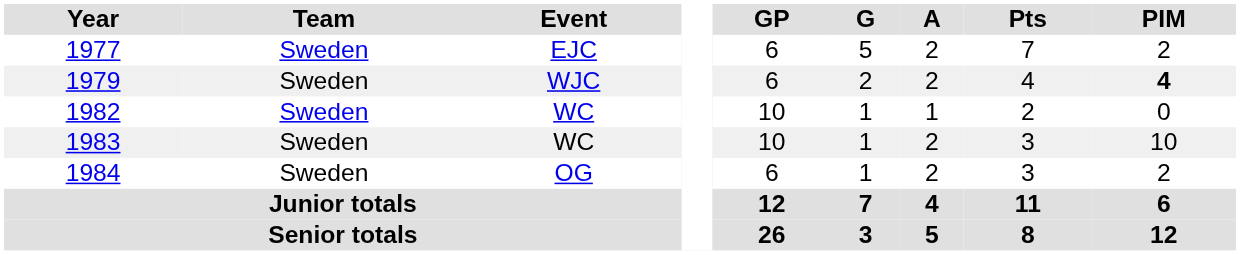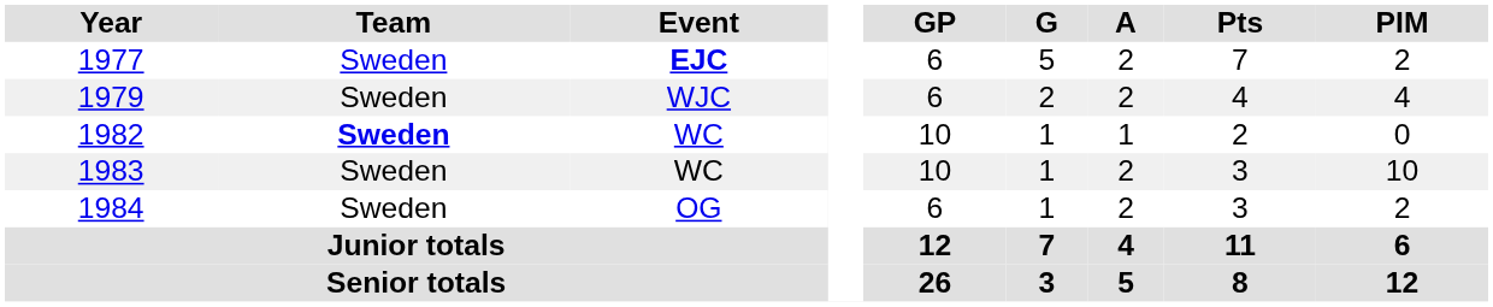 <table border="0" cellpadding="1" cellspacing="0" style="text-align:center; width:50em">
 <tr ALIGN="center" bgcolor="#e0e0e0">
 <th>Year</th>
 <th>Team</th>
 <th>Event</th>
 <th rowspan="99" bgcolor="#ffffff"> </th>
 <th>GP</th>
 <th>G</th>
 <th>A</th>
 <th>Pts</th>
 <th>PIM</th>
 </tr>
 <tr>
 <td><a href='#'>1977</a></td>
 <td><a href='#'>Sweden</a></td>
-<td><a href='#'>EJC</a></td>
+<td><strong><a href='#'>EJC</a></strong></td>
 <td>6</td>
 <td>5</td>
 <td>2</td>
 <td>7</td>
 <td>2</td>
 </tr>
 <tr bgcolor="#f0f0f0">
 <td><a href='#'>1979</a></td>
 <td>Sweden</td>
 <td><a href='#'>WJC</a></td>
 <td>6</td>
 <td>2</td>
 <td>2</td>
 <td>4</td>
-<td><strong>4</strong></td>
+<td>4</td>
 </tr>
 <tr>
 <td><a href='#'>1982</a></td>
-<td><a href='#'>Sweden</a></td>
+<td><strong><a href='#'>Sweden</a></strong></td>
 <td><a href='#'>WC</a></td>
 <td>10</td>
 <td>1</td>
 <td>1</td>
 <td>2</td>
 <td>0</td>
 </tr>
 <tr bgcolor="#f0f0f0">
 <td><a href='#'>1983</a></td>
 <td>Sweden</td>
 <td>WC</td>
 <td>10</td>
 <td>1</td>
 <td>2</td>
 <td>3</td>
 <td>10</td>
 </tr>
 <tr>
 <td><a href='#'>1984</a></td>
 <td>Sweden</td>
 <td><a href='#'>OG</a></td>
 <td>6</td>
 <td>1</td>
 <td>2</td>
 <td>3</td>
 <td>2</td>
 </tr>
 <tr bgcolor="#e0e0e0">
 <th colspan=3>Junior totals</th>
 <th>12</th>
 <th>7</th>
 <th>4</th>
 <th>11</th>
 <th>6</th>
 </tr>
 <tr bgcolor="#e0e0e0">
 <th colspan=3>Senior totals</th>
 <th>26</th>
 <th>3</th>
 <th>5</th>
 <th>8</th>
 <th>12</th>
 </tr>
 </table>
